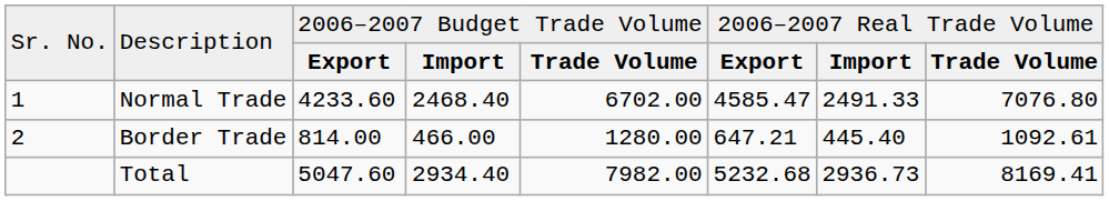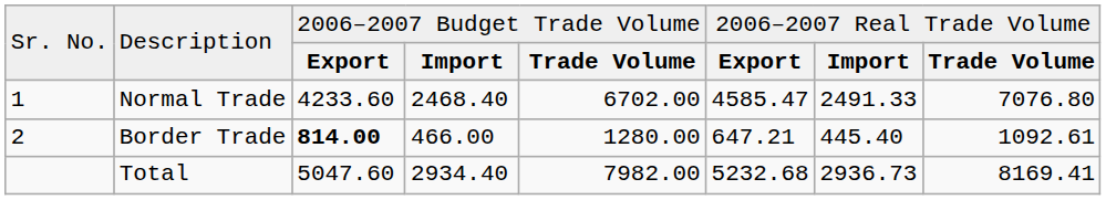 <table class="wikitable">
 <tr style="background:#efefef;">
 <td rowspan="2">Sr. No.</td>
 <td rowspan="2">Description</td>
 <td colspan="3" style="text-align:center; ">2006–2007 Budget Trade Volume</td>
 <td colspan="4" style="text-align:center; ">2006–2007 Real Trade Volume</td>
 </tr>
 <tr>
 <th>Export</th>
 <th>Import</th>
 <th>Trade Volume</th>
 <th>Export</th>
 <th>Import</th>
 <th>Trade Volume</th>
 </tr>
 <tr>
 <td>1</td>
 <td>Normal Trade</td>
 <td>4233.60</td>
 <td>2468.40</td>
 <td align="right">6702.00</td>
 <td>4585.47</td>
 <td>2491.33</td>
 <td style="text-align:right;">7076.80</td>
 </tr>
 <tr>
 <td>2</td>
 <td>Border Trade</td>
-<td>814.00</td>
+<td><strong>814.00</strong></td>
 <td>466.00</td>
 <td style="text-align:right;">1280.00</td>
 <td>647.21</td>
 <td>445.40</td>
 <td style="text-align:right;">1092.61</td>
 </tr>
 <tr>
 <td></td>
 <td>Total</td>
 <td>5047.60</td>
 <td>2934.40</td>
 <td style="text-align:right;">7982.00</td>
 <td>5232.68</td>
 <td>2936.73</td>
 <td style="text-align:right;">8169.41</td>
 </tr>
 </table>
